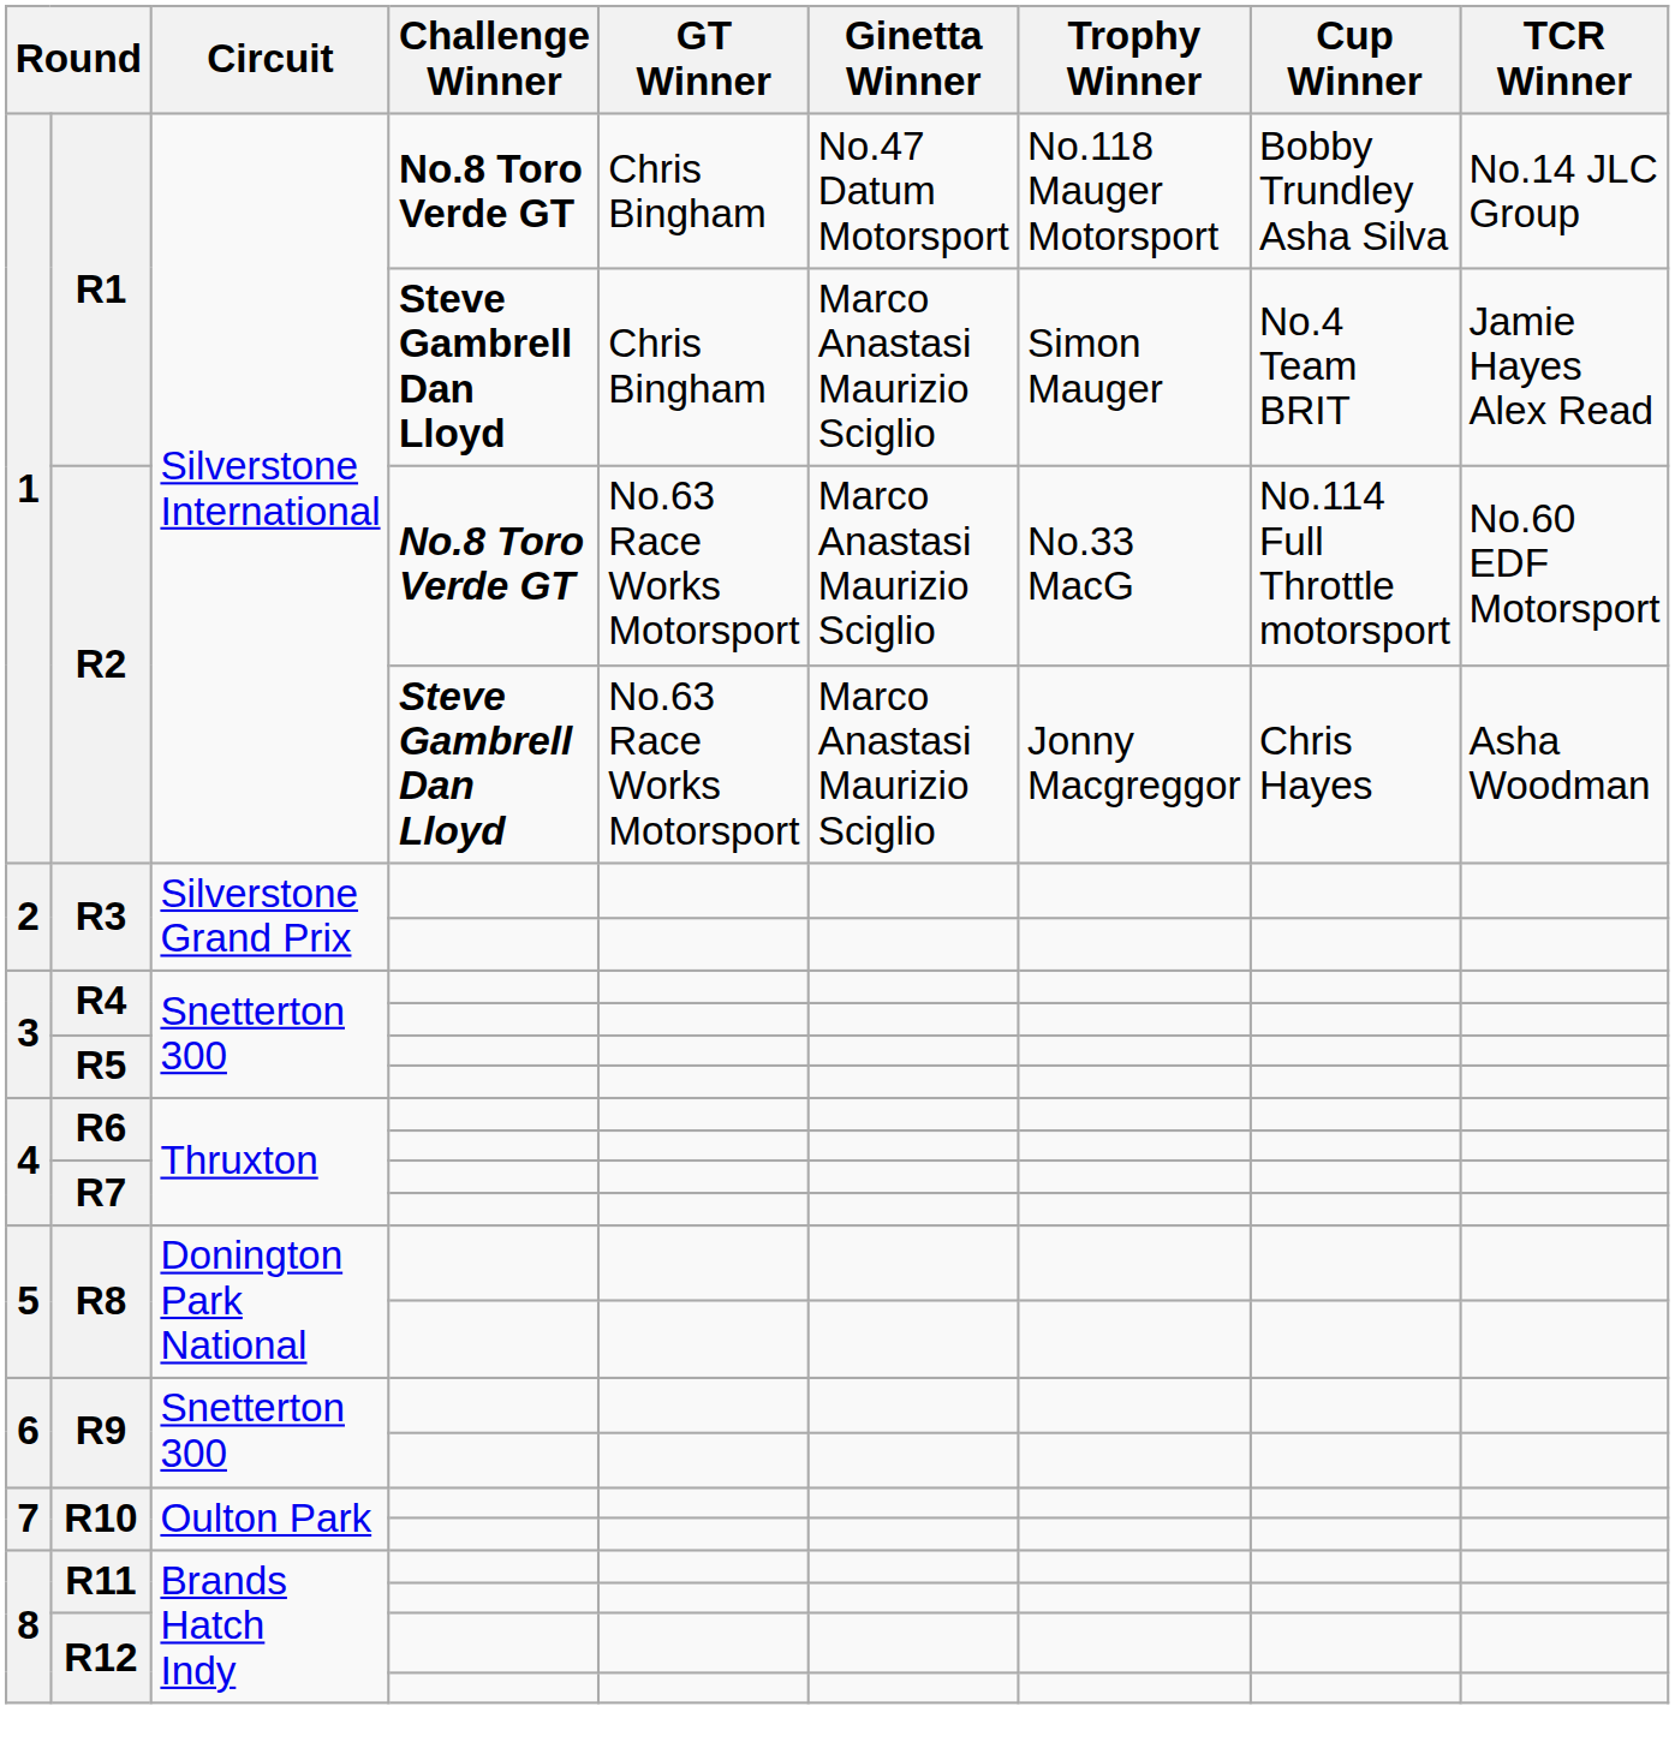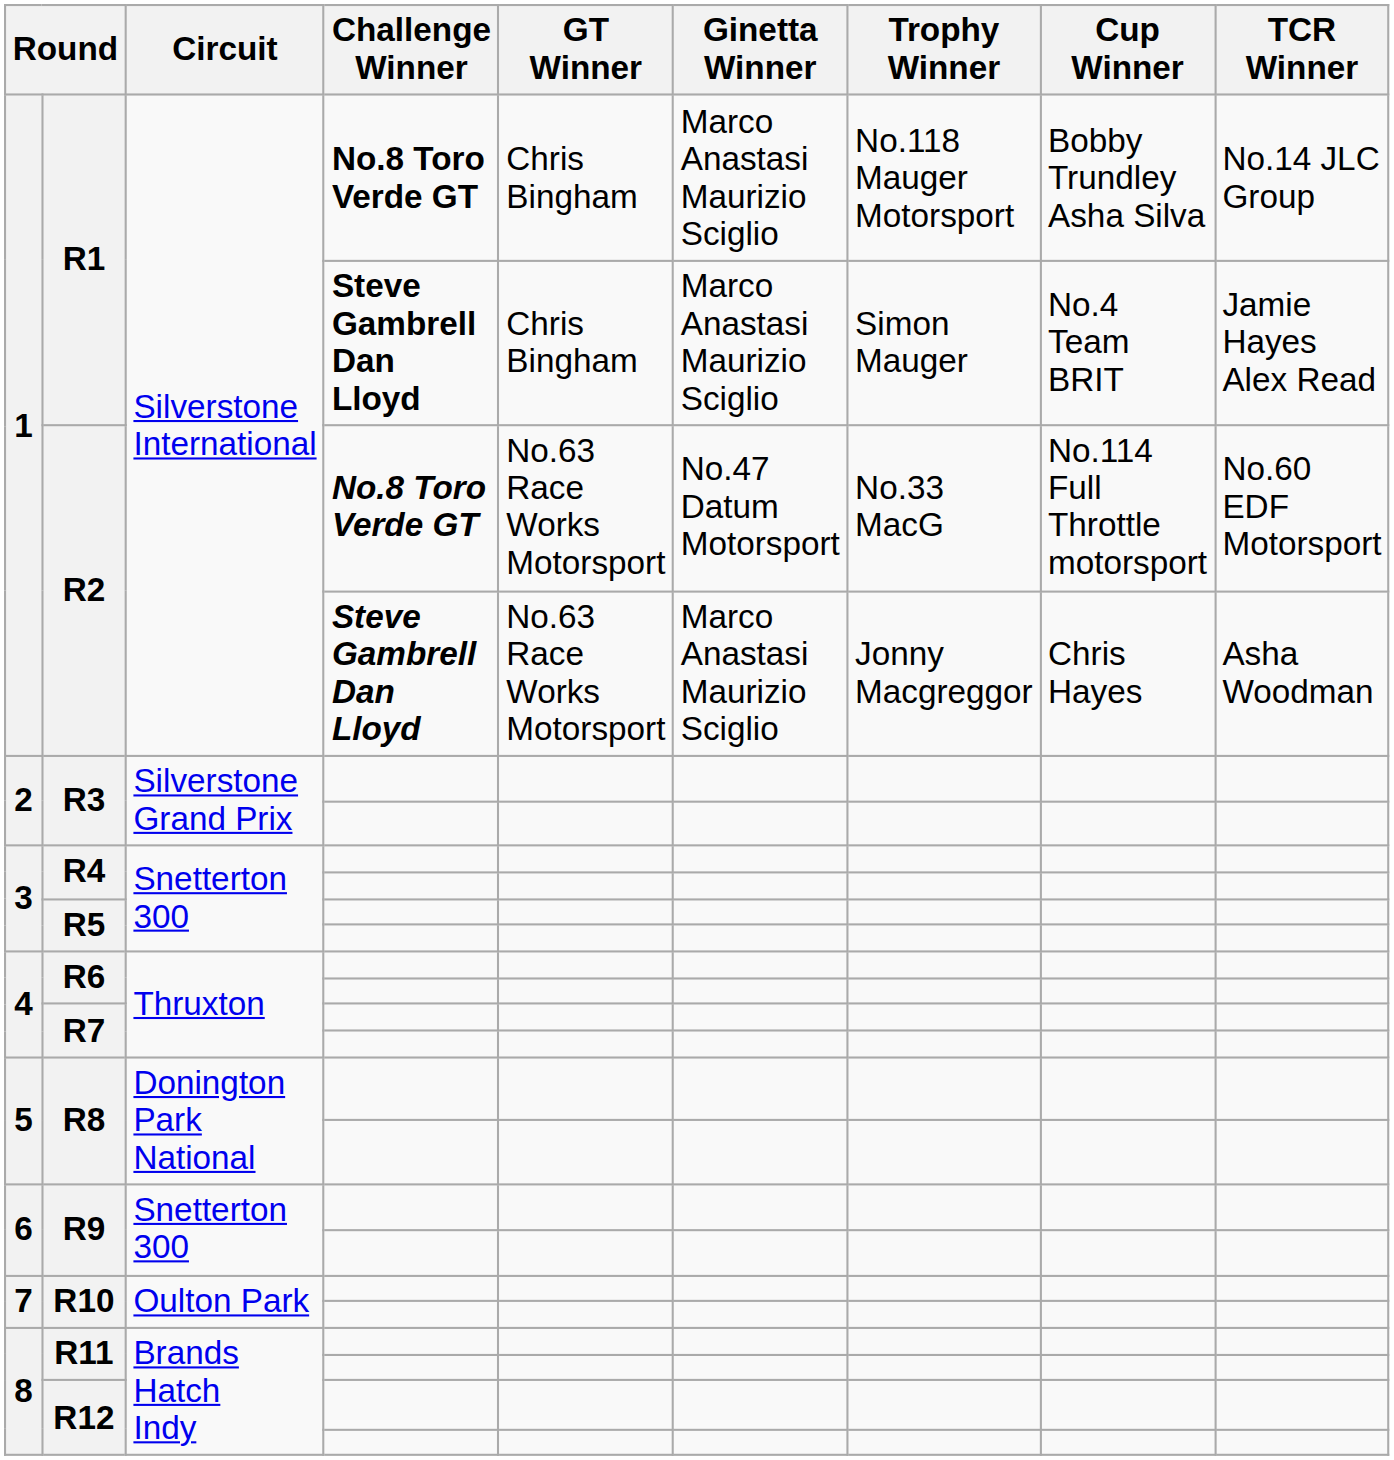 <table class="wikitable">
 <tr>
 <th colspan="2">Round</th>
 <th>Circuit</th>
 <th>Challenge Winner</th>
 <th>GT Winner</th>
 <th>Ginetta Winner</th>
 <th>Trophy Winner</th>
 <th>Cup Winner</th>
 <th>TCR Winner</th>
 </tr>
 <tr>
 <th rowspan="4"><strong>1</strong></th>
 <th rowspan="2"><strong>R1</strong></th>
 <td rowspan="4"><a href='#'>Silverstone</a><br><a href='#'>International</a></td>
 <td><strong>No.8 Toro Verde GT</strong></td>
 <td>Chris Bingham</td>
-<td>No.47 Datum<br>Motorsport</td>
+<td>Marco Anastasi<br>Maurizio Sciglio</td>
 <td>No.118 Mauger<br>Motorsport</td>
 <td>Bobby Trundley<br>Asha Silva</td>
 <td>No.14 JLC<br>Group</td>
 </tr>
 <tr>
 <td><strong>Steve Gambrell</strong><br><strong>Dan Lloyd</strong></td>
 <td>Chris Bingham</td>
 <td>Marco Anastasi<br>Maurizio Sciglio</td>
 <td>Simon Mauger</td>
 <td>No.4 Team<br>BRIT</td>
 <td>Jamie Hayes<br>Alex Read</td>
 </tr>
 <tr>
 <th rowspan="2"><strong>R2</strong></th>
 <td><strong><em>No.8 Toro Verde GT</em></strong></td>
 <td>No.63 Race Works<br>Motorsport</td>
-<td>Marco Anastasi<br>Maurizio Sciglio</td>
+<td>No.47 Datum<br>Motorsport</td>
 <td>No.33 MacG</td>
 <td>No.114 Full<br>Throttle motorsport</td>
 <td>No.60 EDF<br>Motorsport</td>
 </tr>
 <tr>
 <td><strong><em>Steve Gambrell</em></strong><br><strong><em>Dan Lloyd</em></strong></td>
 <td>No.63 Race Works<br>Motorsport</td>
 <td>Marco Anastasi<br>Maurizio Sciglio</td>
 <td>Jonny Macgreggor</td>
 <td>Chris Hayes</td>
 <td>Asha Woodman</td>
 </tr>
 <tr>
 <th rowspan="2"><strong>2</strong></th>
 <th rowspan="2"><strong>R3</strong></th>
 <td rowspan="2"><a href='#'>Silverstone</a><br><a href='#'>Grand Prix</a></td>
 <td></td>
 <td></td>
 <td></td>
 <td></td>
 <td></td>
 <td></td>
 </tr>
 <tr>
 <td></td>
 <td></td>
 <td></td>
 <td></td>
 <td></td>
 <td></td>
 </tr>
 <tr>
 <th rowspan="4"><strong>3</strong></th>
 <th rowspan="2"><strong>R4</strong></th>
 <td rowspan="4"><a href='#'>Snetterton</a><br><a href='#'>300</a></td>
 <td></td>
 <td></td>
 <td></td>
 <td></td>
 <td></td>
 <td></td>
 </tr>
 <tr>
 <td></td>
 <td></td>
 <td></td>
 <td></td>
 <td></td>
 <td></td>
 </tr>
 <tr>
 <th rowspan="2">R5</th>
 <td></td>
 <td></td>
 <td></td>
 <td></td>
 <td></td>
 <td></td>
 </tr>
 <tr>
 <td></td>
 <td></td>
 <td></td>
 <td></td>
 <td></td>
 <td></td>
 </tr>
 <tr>
 <th rowspan="4"><strong>4</strong></th>
 <th rowspan="2"><strong>R6</strong></th>
 <td rowspan="4"><a href='#'>Thruxton</a></td>
 <td></td>
 <td></td>
 <td></td>
 <td></td>
 <td></td>
 <td></td>
 </tr>
 <tr>
 <td></td>
 <td></td>
 <td></td>
 <td></td>
 <td></td>
 <td></td>
 </tr>
 <tr>
 <th rowspan="2">R7</th>
 <td></td>
 <td></td>
 <td></td>
 <td></td>
 <td></td>
 <td></td>
 </tr>
 <tr>
 <td></td>
 <td></td>
 <td></td>
 <td></td>
 <td></td>
 <td></td>
 </tr>
 <tr>
 <th rowspan="2"><strong>5</strong></th>
 <th rowspan="2"><strong>R8</strong></th>
 <td rowspan="2"><a href='#'>Donington</a><br><a href='#'>Park</a>  <a href='#'>National</a></td>
 <td></td>
 <td></td>
 <td></td>
 <td></td>
 <td></td>
 <td></td>
 </tr>
 <tr>
 <td></td>
 <td></td>
 <td></td>
 <td></td>
 <td></td>
 <td></td>
 </tr>
 <tr>
 <th rowspan="2"><strong>6</strong></th>
 <th rowspan="2"><strong>R9</strong></th>
 <td rowspan="2"><a href='#'>Snetterton</a><br><a href='#'>300</a></td>
 <td></td>
 <td></td>
 <td></td>
 <td></td>
 <td></td>
 <td></td>
 </tr>
 <tr>
 <td></td>
 <td></td>
 <td></td>
 <td></td>
 <td></td>
 <td></td>
 </tr>
 <tr>
 <th rowspan="2"><strong>7</strong></th>
 <th rowspan="2"><strong>R10</strong></th>
 <td rowspan="2"><a href='#'>Oulton Park</a></td>
 <td></td>
 <td></td>
 <td></td>
 <td></td>
 <td></td>
 <td></td>
 </tr>
 <tr>
 <td></td>
 <td></td>
 <td></td>
 <td></td>
 <td></td>
 <td></td>
 </tr>
 <tr>
 <th rowspan="4"><strong>8</strong></th>
 <th rowspan="2"><strong>R11</strong></th>
 <td rowspan="4"><a href='#'>Brands Hatch</a><br><a href='#'>Indy</a></td>
 <td></td>
 <td></td>
 <td></td>
 <td></td>
 <td></td>
 <td></td>
 </tr>
 <tr>
 <td></td>
 <td></td>
 <td></td>
 <td></td>
 <td></td>
 <td></td>
 </tr>
 <tr>
 <th rowspan="2"><strong>R12</strong></th>
 <td></td>
 <td></td>
 <td></td>
 <td></td>
 <td></td>
 <td></td>
 </tr>
 <tr>
 <td></td>
 <td></td>
 <td></td>
 <td></td>
 <td></td>
 <td></td>
 </tr>
 </table>
